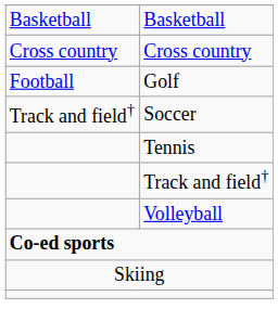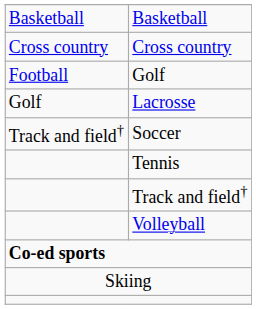 <table class="wikitable" style="float:right; clear:right; margin:0 0 1em 1em;">
 <tr>
 </tr>
 <tr>
 <td><a href='#'>Basketball</a></td>
 <td><a href='#'>Basketball</a></td>
 </tr>
 <tr>
 <td><a href='#'>Cross country</a></td>
 <td><a href='#'>Cross country</a></td>
 </tr>
 <tr>
 <td><a href='#'>Football</a></td>
 <td>Golf</td>
+</tr>
+<tr>
+<td>Golf</td>
+<td><a href='#'>Lacrosse</a></td>
 </tr>
 <tr>
 <td>Track and field<sup>†</sup></td>
 <td>Soccer</td>
 </tr>
 <tr>
 <td></td>
 <td>Tennis</td>
 </tr>
 <tr>
 <td></td>
 <td>Track and field<sup>†</sup></td>
 </tr>
 <tr>
 <td></td>
 <td><a href='#'>Volleyball</a></td>
 </tr>
 <tr>
 <td colspan="2"><strong>Co-ed sports</strong></td>
 </tr>
 <tr style="text-align:center">
 <td colspan="2">Skiing</td>
 </tr>
 <tr>
 <td colspan="2"></td>
 </tr>
 </table>
